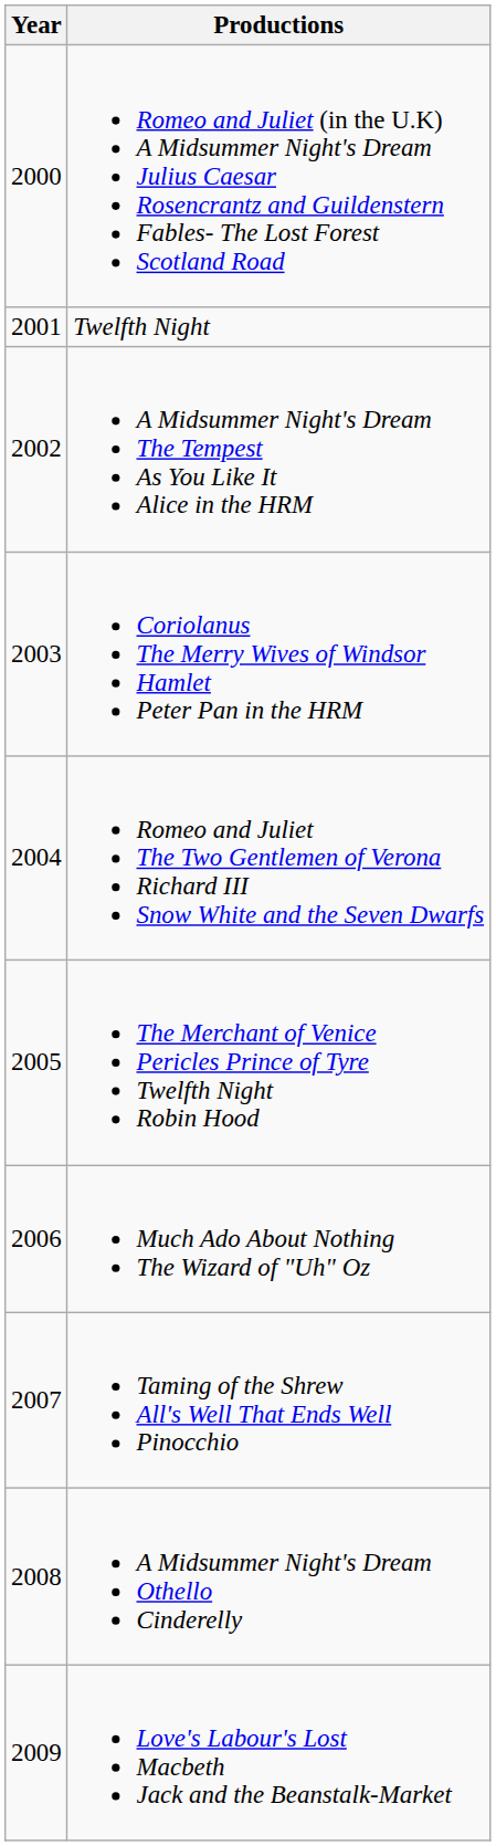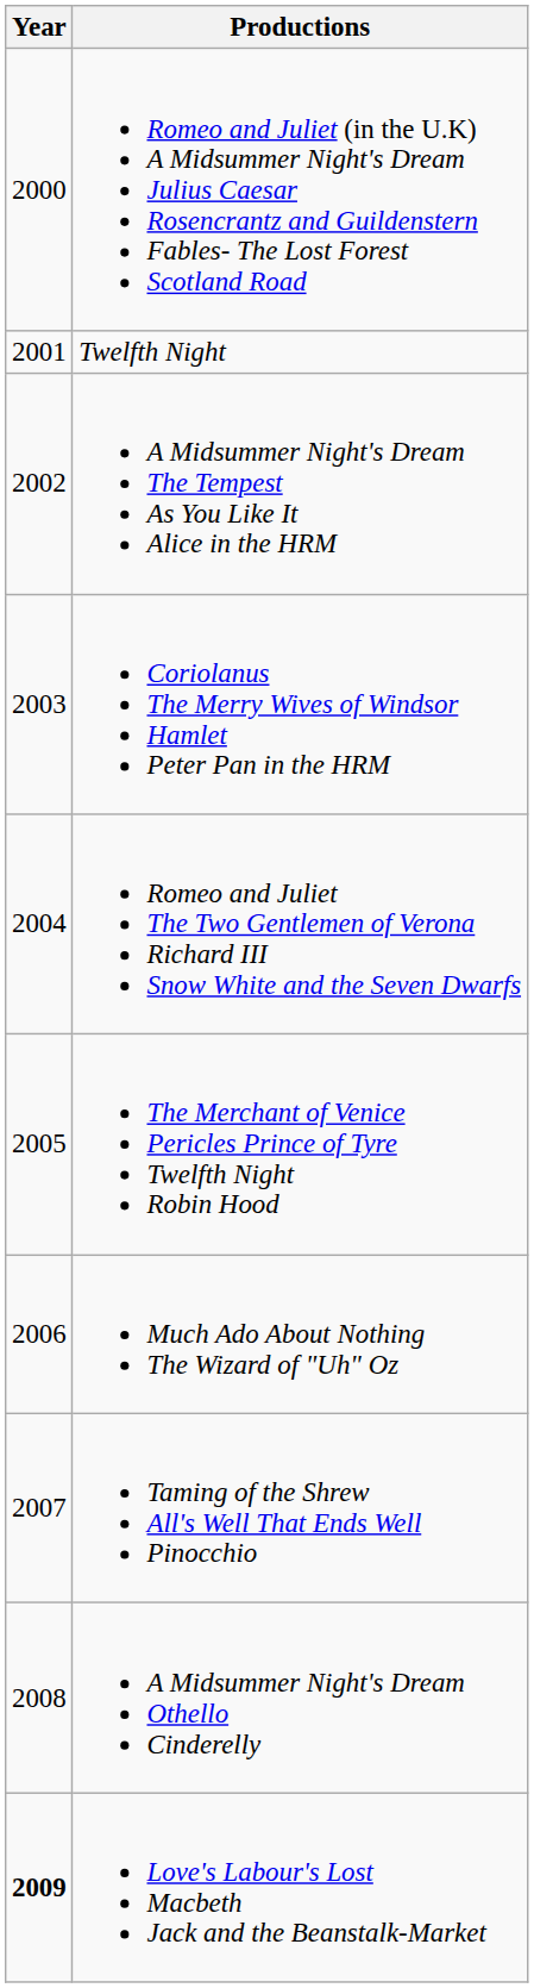 <table class="wikitable sortable">
 <tr>
 <th>Year</th>
 <th>Productions</th>
 </tr>
 <tr>
 <td>2000</td>
 <td><br><ul><li><em><a href='#'>Romeo and Juliet</a></em> (in the U.K)</li><li><em>A Midsummer Night's Dream</em></li><li><em><a href='#'>Julius Caesar</a></em></li><li><em><a href='#'>Rosencrantz and Guildenstern</a></em></li><li><em>Fables- The Lost Forest</em></li><li><em><a href='#'>Scotland Road</a></em></li></ul></td>
 </tr>
 <tr>
 <td>2001</td>
 <td><em>Twelfth Night</em></td>
 </tr>
 <tr>
 <td>2002</td>
 <td><br><ul><li><em>A Midsummer Night's Dream</em></li><li><em><a href='#'>The Tempest</a></em></li><li><em>As You Like It</em></li><li><em>Alice in the HRM</em></li></ul></td>
 </tr>
 <tr>
 <td>2003</td>
 <td><br><ul><li><em><a href='#'>Coriolanus</a></em></li><li><em><a href='#'>The Merry Wives of Windsor</a></em></li><li><em><a href='#'>Hamlet</a></em></li><li><em>Peter Pan in the HRM</em></li></ul></td>
 </tr>
 <tr>
 <td>2004</td>
 <td><br><ul><li><em>Romeo and Juliet</em></li><li><em><a href='#'>The Two Gentlemen of Verona</a></em></li><li><em>Richard III</em></li><li><em><a href='#'>Snow White and the Seven Dwarfs</a></em></li></ul></td>
 </tr>
 <tr>
 <td>2005</td>
 <td><br><ul><li><em><a href='#'>The Merchant of Venice</a></em></li><li><em><a href='#'>Pericles Prince of Tyre</a></em></li><li><em>Twelfth Night</em></li><li><em>Robin Hood</em></li></ul></td>
 </tr>
 <tr>
 <td>2006</td>
 <td><br><ul><li><em>Much Ado About Nothing</em></li><li><em>The Wizard of "Uh" Oz</em></li></ul></td>
 </tr>
 <tr>
 <td>2007</td>
 <td><br><ul><li><em>Taming of the Shrew</em></li><li><em><a href='#'>All's Well That Ends Well</a></em></li><li><em>Pinocchio</em></li></ul></td>
 </tr>
 <tr>
 <td>2008</td>
 <td><br><ul><li><em>A Midsummer Night's Dream</em></li><li><em><a href='#'>Othello</a></em></li><li><em>Cinderelly</em></li></ul></td>
 </tr>
 <tr>
-<td>2009</td>
+<td><strong>2009</strong></td>
 <td><br><ul><li><em><a href='#'>Love's Labour's Lost</a></em></li><li><em>Macbeth</em></li><li><em>Jack and the Beanstalk-Market</em></li></ul></td>
 </tr>
 </table>
